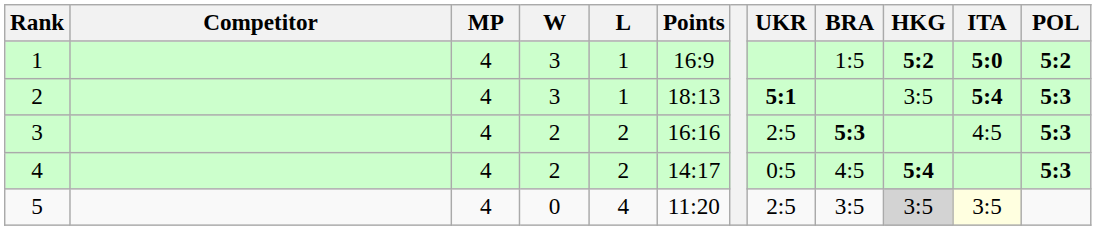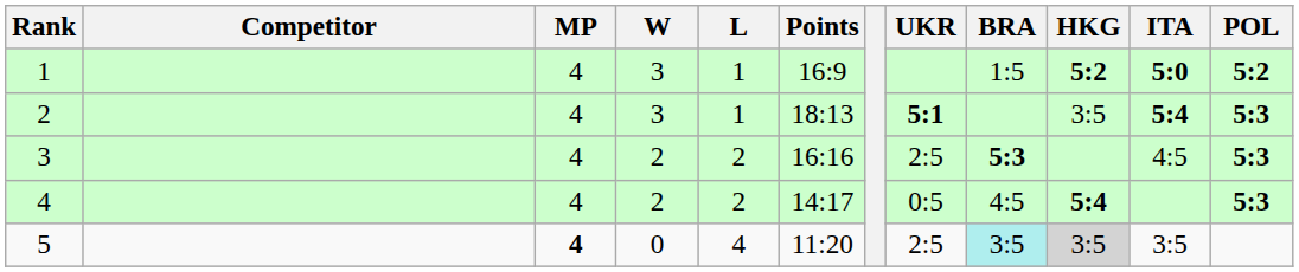 <table class="wikitable" style="text-align:center">
 <tr>
 <th>Rank</th>
 <th style="width:16em">Competitor</th>
 <th style="width:2.5em">MP</th>
 <th style="width:2.5em">W</th>
 <th style="width:2.5em">L</th>
 <th>Points</th>
 <th rowspan="6"> </th>
 <th style="width:2.5em">UKR</th>
 <th style="width:2.5em">BRA</th>
 <th style="width:2.5em">HKG</th>
 <th style="width:2.5em">ITA</th>
 <th style="width:2.5em">POL</th>
 </tr>
 <tr style="background:#cfc;">
 <td>1</td>
 <td style="text-align:left"></td>
 <td>4</td>
 <td>3</td>
 <td>1</td>
 <td>16:9</td>
 <td></td>
 <td>1:5</td>
 <td><strong>5:2</strong></td>
 <td><strong>5:0</strong></td>
 <td><strong>5:2</strong></td>
 </tr>
 <tr style="background:#cfc;">
 <td>2</td>
 <td style="text-align:left"></td>
 <td>4</td>
 <td>3</td>
 <td>1</td>
 <td>18:13</td>
 <td><strong>5:1</strong></td>
 <td></td>
 <td>3:5</td>
 <td><strong>5:4</strong></td>
 <td><strong>5:3</strong></td>
 </tr>
 <tr style="background:#cfc;">
 <td>3</td>
 <td style="text-align:left"></td>
 <td>4</td>
 <td>2</td>
 <td>2</td>
 <td>16:16</td>
 <td>2:5</td>
 <td><strong>5:3</strong></td>
 <td></td>
 <td>4:5</td>
 <td><strong>5:3</strong></td>
 </tr>
 <tr style="background:#cfc;">
 <td>4</td>
 <td style="text-align:left"></td>
 <td>4</td>
 <td>2</td>
 <td>2</td>
 <td>14:17</td>
 <td>0:5</td>
 <td>4:5</td>
 <td><strong>5:4</strong></td>
 <td></td>
 <td><strong>5:3</strong></td>
 </tr>
 <tr>
 <td>5</td>
 <td style="text-align:left"></td>
-<td>4</td>
+<td><strong>4</strong></td>
 <td>0</td>
 <td>4</td>
 <td>11:20</td>
 <td>2:5</td>
+<td style="background: paleturquoise;">3:5</td>
+<td style="background: lightgrey;">3:5</td>
 <td>3:5</td>
-<td style="background: lightgrey;">3:5</td>
-<td style="background: lightyellow;">3:5</td>
 <td></td>
 </tr>
 </table>
